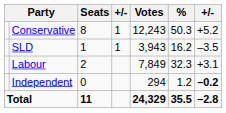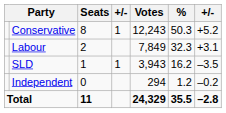 <table class="wikitable sortable">
 <tr>
 <th colspan="2">Party</th>
 <th>Seats</th>
 <th>+/-</th>
 <th>Votes</th>
 <th>%</th>
 <th>+/-</th>
 </tr>
 <tr>
 <td style="background-color: "></td>
 <td><a href='#'>Conservative</a></td>
 <td>8</td>
 <td> 1</td>
 <td style="text-align:right;">12,243</td>
 <td style="text-align:right;">50.3</td>
 <td style="text-align:right;">+5.2</td>
 </tr>
 <tr>
 <td style="background-color: "></td>
+<td><a href='#'>Labour</a></td>
+<td>2</td>
+<td></td>
+<td style="text-align:right;">7,849</td>
+<td style="text-align:right;">32.3</td>
+<td style="text-align:right;">+3.1</td>
+</tr>
+<tr>
+<td style="background-color: "></td>
 <td><a href='#'>SLD</a></td>
 <td>1</td>
 <td> 1</td>
 <td style="text-align:right;">3,943</td>
 <td style="text-align:right;">16.2</td>
 <td style="text-align:right;">–3.5</td>
 </tr>
 <tr>
 <td style="background-color: "></td>
-<td><a href='#'>Labour</a></td>
-<td>2</td>
-<td></td>
-<td style="text-align:right;">7,849</td>
-<td style="text-align:right;">32.3</td>
-<td style="text-align:right;">+3.1</td>
-</tr>
-<tr>
-<td style="background-color: "></td>
 <td><a href='#'>Independent</a></td>
 <td>0</td>
 <td></td>
 <td style="text-align:right;">294</td>
 <td style="text-align:right;">1.2</td>
-<td style="text-align:right;"><strong>–0.2</strong></td>
+<td style="text-align:right;">–0.2</td>
 </tr>
 <tr>
 <td colspan="2"><strong>Total</strong></td>
 <td><strong>11</strong></td>
 <td></td>
 <td style="text-align:right;"><strong>24,329</strong></td>
 <td style="text-align:right;"><strong>35.5</strong></td>
 <td style="text-align:right;"><strong>–2.8</strong></td>
 </tr>
 </table>
